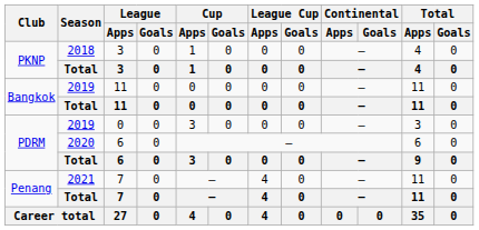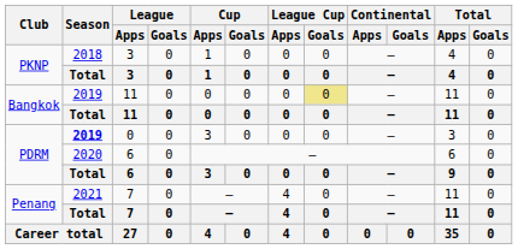 <table class="wikitable" style="text-align: center;">
 <tr>
 <th rowspan="2">Club</th>
 <th rowspan="2">Season</th>
 <th colspan="2">League</th>
 <th colspan="2">Cup</th>
 <th colspan="2">League Cup</th>
 <th colspan="2">Continental</th>
 <th colspan="2">Total</th>
 </tr>
 <tr>
 <th>Apps</th>
 <th>Goals</th>
 <th>Apps</th>
 <th>Goals</th>
 <th>Apps</th>
 <th>Goals</th>
 <th>Apps</th>
 <th>Goals</th>
 <th>Apps</th>
 <th>Goals</th>
 </tr>
 <tr>
 <td rowspan="2" valign="center"><a href='#'>PKNP</a></td>
 <td><a href='#'>2018</a></td>
 <td>3</td>
 <td>0</td>
 <td>1</td>
 <td>0</td>
 <td>0</td>
 <td>0</td>
 <td colspan=2>–</td>
 <td>4</td>
 <td>0</td>
 </tr>
 <tr>
 <th>Total</th>
 <th>3</th>
 <th>0</th>
 <th>1</th>
 <th>0</th>
 <th>0</th>
 <th>0</th>
 <th colspan=2>–</th>
 <th>4</th>
 <th>0</th>
 </tr>
 <tr>
 <td rowspan="2" valign="center"><a href='#'>Bangkok</a></td>
 <td><a href='#'>2019</a></td>
 <td>11</td>
 <td>0</td>
 <td>0</td>
 <td>0</td>
 <td>0</td>
-<td>0</td>
+<td style="background: khaki;">0</td>
 <td colspan=2>–</td>
 <td>11</td>
 <td>0</td>
 </tr>
 <tr>
 <th>Total</th>
 <th>11</th>
 <th>0</th>
 <th>0</th>
 <th>0</th>
 <th>0</th>
 <th>0</th>
 <th colspan=2>–</th>
 <th>11</th>
 <th>0</th>
 </tr>
 <tr>
 <td rowspan="3" valign="center"><a href='#'>PDRM</a></td>
-<td><a href='#'>2019</a></td>
+<td><strong><a href='#'>2019</a></strong></td>
 <td>0</td>
 <td>0</td>
 <td>3</td>
 <td>0</td>
 <td>0</td>
 <td>0</td>
 <td colspan=2>–</td>
 <td>3</td>
 <td>0</td>
 </tr>
 <tr>
 <td><a href='#'>2020</a></td>
 <td>6</td>
 <td>0</td>
 <td colspan=6>–</td>
 <td>6</td>
 <td>0</td>
 </tr>
 <tr>
 <th>Total</th>
 <th>6</th>
 <th>0</th>
 <th>3</th>
 <th>0</th>
 <th>0</th>
 <th>0</th>
 <th colspan=2>–</th>
 <th>9</th>
 <th>0</th>
 </tr>
 <tr>
 <td rowspan="2" valign="center"><a href='#'>Penang</a></td>
 <td><a href='#'>2021</a></td>
 <td>7</td>
 <td>0</td>
 <td colspan=2>–</td>
 <td>4</td>
 <td>0</td>
 <td colspan=2>–</td>
 <td>11</td>
 <td>0</td>
 </tr>
 <tr>
 <th>Total</th>
 <th>7</th>
 <th>0</th>
 <th colspan=2>–</th>
 <th>4</th>
 <th>0</th>
 <th colspan=2>–</th>
 <th>11</th>
 <th>0</th>
 </tr>
 <tr>
 <th colspan=2>Career total</th>
 <th>27</th>
 <th>0</th>
 <th>4</th>
 <th>0</th>
 <th>4</th>
 <th>0</th>
 <th>0</th>
 <th>0</th>
 <th>35</th>
 <th>0</th>
 </tr>
 </table>
